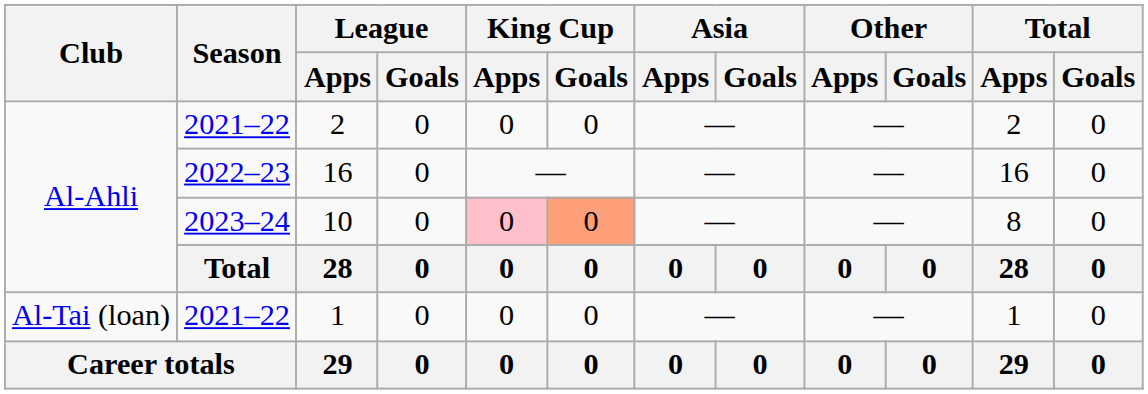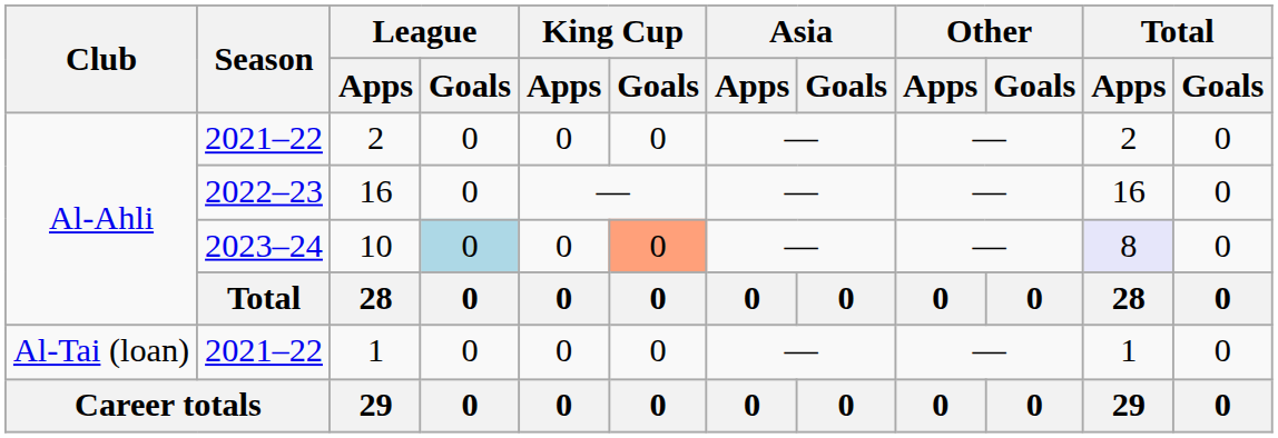 <table class="wikitable" style="text-align: center">
 <tr>
 <th rowspan=2>Club</th>
 <th rowspan=2>Season</th>
 <th colspan=2>League</th>
 <th colspan=2>King Cup</th>
 <th colspan=2>Asia</th>
 <th colspan=2>Other</th>
 <th colspan=2>Total</th>
 </tr>
 <tr>
 <th>Apps</th>
 <th>Goals</th>
 <th>Apps</th>
 <th>Goals</th>
 <th>Apps</th>
 <th>Goals</th>
 <th>Apps</th>
 <th>Goals</th>
 <th>Apps</th>
 <th>Goals</th>
 </tr>
 <tr>
 <td rowspan=4><a href='#'>Al-Ahli</a></td>
 <td><a href='#'>2021–22</a></td>
 <td>2</td>
 <td>0</td>
 <td>0</td>
 <td>0</td>
 <td colspan=2>—</td>
 <td colspan=2>—</td>
 <td>2</td>
 <td>0</td>
 </tr>
 <tr>
 <td><a href='#'>2022–23</a></td>
 <td>16</td>
 <td>0</td>
 <td colspan=2>—</td>
 <td colspan=2>—</td>
 <td colspan=2>—</td>
 <td>16</td>
 <td>0</td>
 </tr>
 <tr>
 <td><a href='#'>2023–24</a></td>
 <td>10</td>
+<td style="background: lightblue;">0</td>
 <td>0</td>
-<td style="background: pink;">0</td>
 <td style="background: lightsalmon;">0</td>
 <td colspan=2>—</td>
 <td colspan=2>—</td>
-<td>8</td>
+<td style="background: lavender;">8</td>
 <td>0</td>
 </tr>
 <tr>
 <th>Total</th>
 <th>28</th>
 <th>0</th>
 <th>0</th>
 <th>0</th>
 <th>0</th>
 <th>0</th>
 <th>0</th>
 <th>0</th>
 <th>28</th>
 <th>0</th>
 </tr>
 <tr>
 <td rowspan=1><a href='#'>Al-Tai</a> (loan)</td>
 <td><a href='#'>2021–22</a></td>
 <td>1</td>
 <td>0</td>
 <td>0</td>
 <td>0</td>
 <td colspan=2>—</td>
 <td colspan=2>—</td>
 <td>1</td>
 <td>0</td>
 </tr>
 <tr>
 <th colspan=2>Career totals</th>
 <th>29</th>
 <th>0</th>
 <th>0</th>
 <th>0</th>
 <th>0</th>
 <th>0</th>
 <th>0</th>
 <th>0</th>
 <th>29</th>
 <th>0</th>
 </tr>
 </table>
